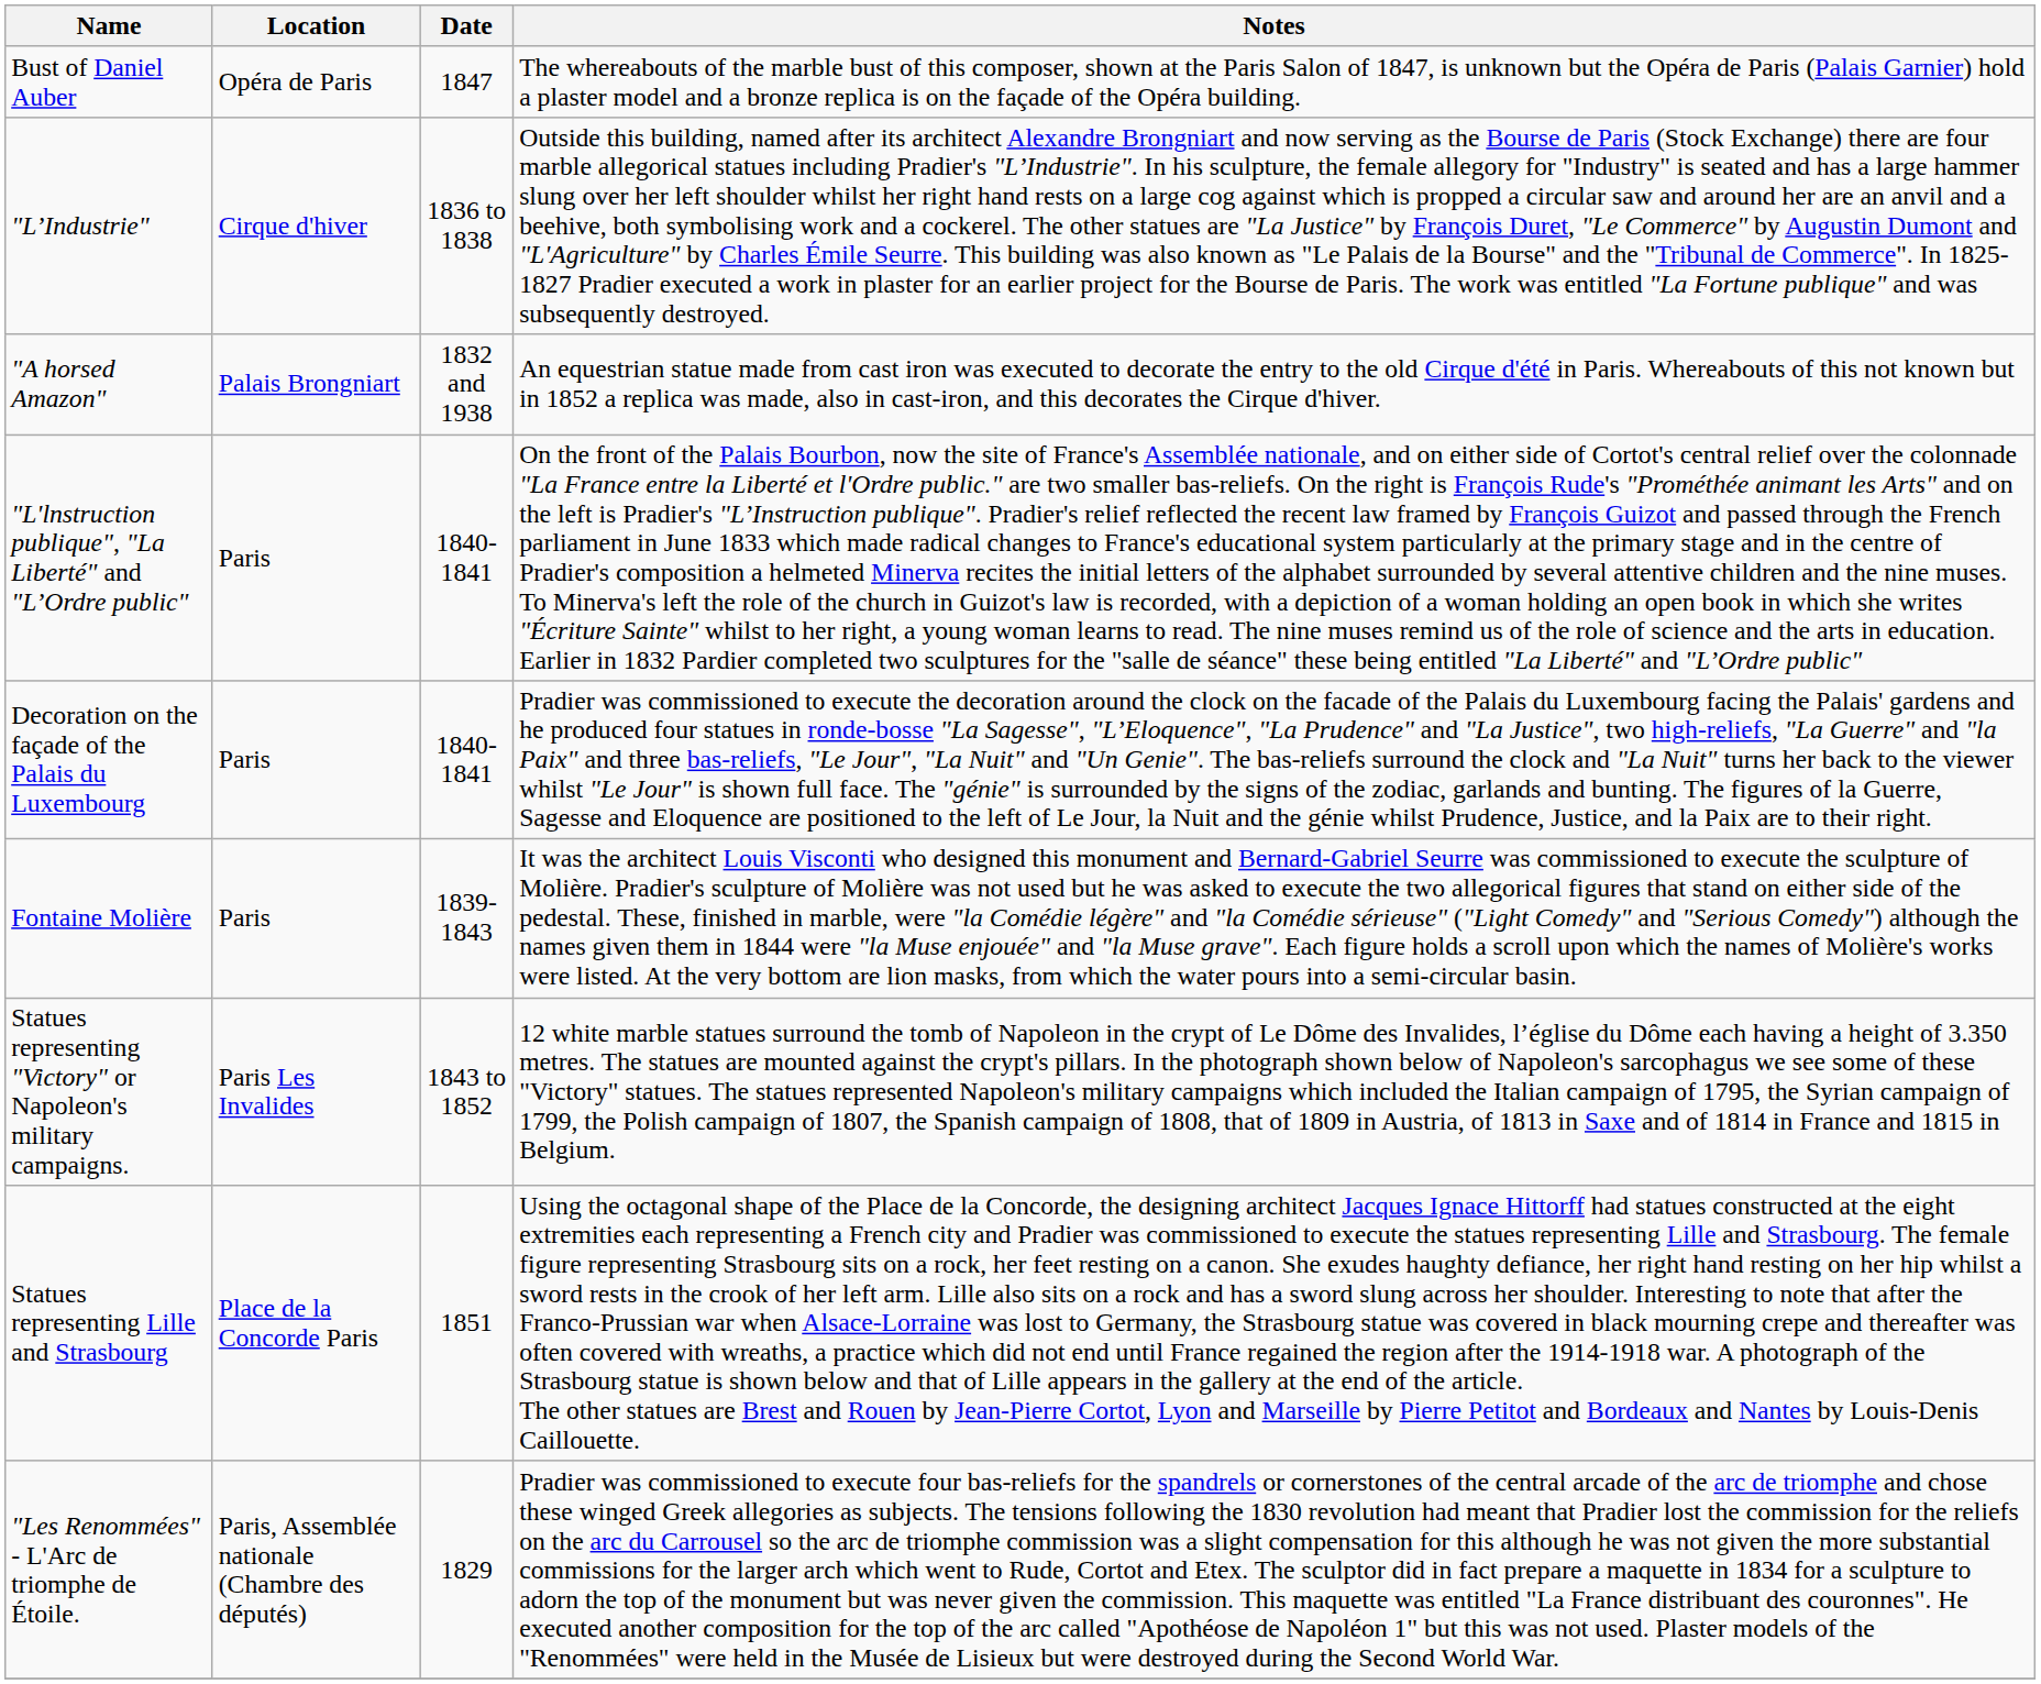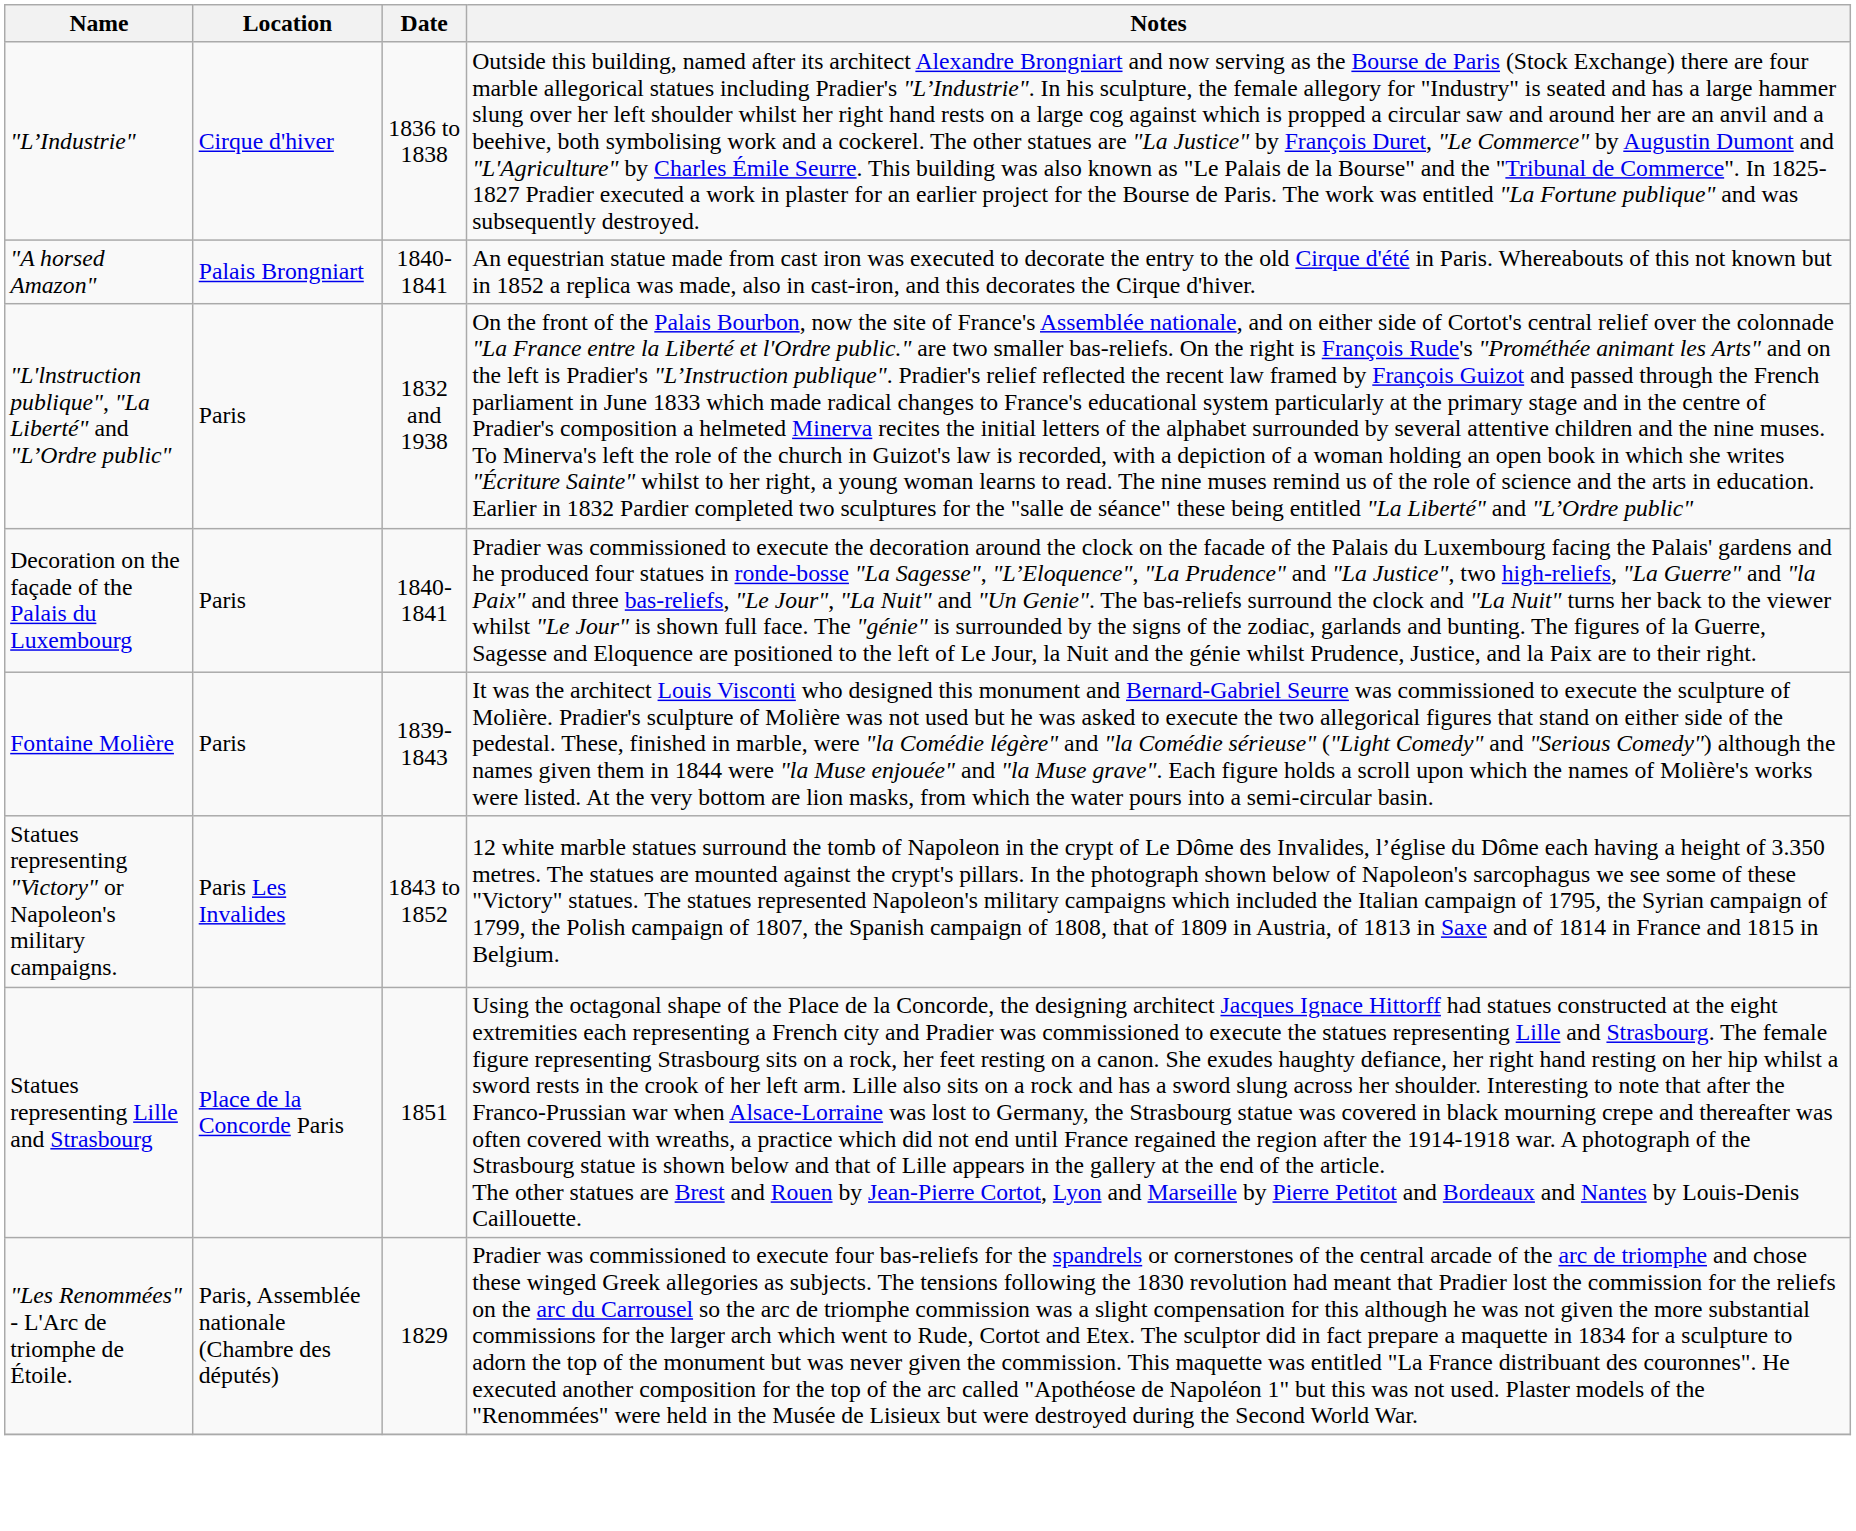 <table class="wikitable sortable plainrowheaders">
 <tr>
 <th style="width:120px">Name</th>
 <th style="width:120px">Location</th>
 <th style="width:50px">Date</th>
 <th class="unsortable">Notes</th>
-</tr>
-<tr>
-<td>Bust of <a href='#'>Daniel Auber</a></td>
-<td>Opéra de Paris</td>
-<td align="center">1847</td>
-<td>The whereabouts of the marble bust of this composer, shown at the Paris Salon of 1847, is unknown but the Opéra de Paris (<a href='#'>Palais Garnier</a>) hold a plaster model and a bronze replica is on the façade of the Opéra building.</td>
 </tr>
 <tr>
 <td><em>"L’Industrie"</em></td>
 <td><a href='#'>Cirque d'hiver</a></td>
 <td align="center">1836 to 1838</td>
 <td>Outside this building, named after its architect <a href='#'>Alexandre Brongniart</a> and now serving as the <a href='#'>Bourse de Paris</a> (Stock Exchange) there are four marble allegorical statues including Pradier's <em>"L’Industrie"</em>. In his sculpture, the female allegory for "Industry" is seated and has a large hammer slung over her left shoulder whilst her right hand rests on a large cog against which is propped a circular saw and around her are an anvil and a beehive, both symbolising work and a cockerel. The other statues are <em>"La Justice"</em> by <a href='#'>François Duret</a>, <em>"Le Commerce"</em> by <a href='#'>Augustin Dumont</a> and <em>"L'Agriculture"</em> by <a href='#'>Charles Émile Seurre</a>. This building was also known as "Le Palais de la Bourse" and the "<a href='#'>Tribunal de Commerce</a>". In 1825-1827 Pradier executed a work in plaster for an earlier project for the Bourse de Paris. The work was entitled <em>"La Fortune publique"</em> and was subsequently destroyed.</td>
 </tr>
 <tr>
 <td><em>"A horsed Amazon"</em></td>
 <td><a href='#'>Palais Brongniart</a></td>
-<td align="center">1832 and 1938</td>
+<td align="center">1840-1841</td>
 <td>An equestrian statue made from cast iron was executed to decorate the entry to the old <a href='#'>Cirque d'été</a> in Paris. Whereabouts of this not known but in 1852 a replica was made, also in cast-iron, and this decorates the Cirque d'hiver.</td>
 </tr>
 <tr>
 <td><em>"L'lnstruction publique"</em>, <em>"La Liberté"</em> and <em>"L’Ordre public"</em></td>
 <td>Paris</td>
-<td align="center">1840-1841</td>
+<td align="center">1832 and 1938</td>
 <td>On the front of the <a href='#'>Palais Bourbon</a>, now the site of France's <a href='#'>Assemblée nationale</a>, and on either side of Cortot's central relief over the colonnade <em>"La France entre la Liberté et l'Ordre public."</em> are two smaller bas-reliefs. On the right is <a href='#'>François Rude</a>'s <em>"Prométhée animant les Arts"</em> and on the left is Pradier's <em>"L’Instruction publique"</em>. Pradier's relief reflected the recent law framed by <a href='#'>François Guizot</a> and passed through the French parliament in June 1833 which made radical changes to France's educational system particularly at the primary stage and in the centre of Pradier's composition a helmeted <a href='#'>Minerva</a> recites the initial letters of the alphabet surrounded by several attentive children and the nine muses.  To Minerva's left the role of the church in Guizot's law is recorded, with a depiction of a woman holding an open book in which she writes <em>"Écriture Sainte"</em> whilst to her right, a young woman learns to read. The nine muses remind us of the role of science and the arts in education. Earlier in 1832 Pardier completed two sculptures for the "salle de séance" these being entitled <em>"La Liberté"</em> and <em>"L’Ordre public"</em><br></td>
 </tr>
 <tr>
 <td>Decoration on the façade of the <a href='#'>Palais du Luxembourg</a></td>
 <td>Paris</td>
 <td align="center">1840-1841</td>
 <td>Pradier was commissioned to execute the decoration around the clock on the facade of the Palais du Luxembourg facing the Palais' gardens and he produced four statues in <a href='#'>ronde-bosse</a> <em>"La Sagesse"</em>, <em>"L’Eloquence"</em>,  <em>"La Prudence"</em> and <em>"La Justice"</em>, two <a href='#'>high-reliefs</a>, <em>"La Guerre"</em> and <em>"la Paix"</em> and three <a href='#'>bas-reliefs</a>, <em>"Le Jour"</em>, <em>"La Nuit"</em> and <em>"Un Genie"</em>.  The bas-reliefs surround the clock and <em>"La Nuit"</em> turns her back to the viewer whilst <em>"Le Jour"</em> is shown full face. The <em>"génie"</em> is surrounded by the signs of the zodiac, garlands and bunting.  The figures of la Guerre, Sagesse and Eloquence are positioned to the left of Le Jour, la Nuit and the génie whilst Prudence, Justice, and la Paix are to their right.<br> </td>
 </tr>
 <tr>
 <td><a href='#'>Fontaine Molière</a></td>
 <td>Paris</td>
 <td align="center">1839-1843</td>
 <td>It was the architect <a href='#'>Louis Visconti</a> who designed this monument and <a href='#'>Bernard-Gabriel Seurre</a> was commissioned to execute the sculpture of Molière. Pradier's sculpture of Molière was not used but he was asked to execute the two allegorical figures that stand on either side of the pedestal.  These, finished in marble, were <em>"la Comédie légère"</em> and <em>"la Comédie sérieuse"</em> (<em>"Light Comedy"</em> and <em>"Serious Comedy"</em>) although the names given them in 1844 were <em>"la Muse enjouée"</em> and <em>"la Muse grave"</em>. Each figure holds a scroll upon which the names of Molière's works were listed. At the very bottom are lion masks, from which the water pours into a semi-circular basin.</td>
 </tr>
 <tr>
 <td>Statues representing <em>"Victory"</em> or Napoleon's military campaigns.</td>
 <td>Paris <a href='#'>Les Invalides</a></td>
 <td align="center">1843 to 1852</td>
 <td>12 white marble statues surround the tomb of Napoleon in the crypt of Le Dôme des Invalides, l’église du Dôme each having a height of 3.350 metres. The statues are mounted against the crypt's pillars. In the photograph shown below of Napoleon's sarcophagus we see some of these "Victory" statues. The statues represented Napoleon's military campaigns which included the Italian campaign of 1795, the Syrian campaign of 1799,  the Polish campaign of 1807, the Spanish campaign of 1808, that of 1809 in Austria, of 1813 in <a href='#'>Saxe</a> and of 1814 in France and 1815 in Belgium.<br> </td>
 </tr>
 <tr>
 <td>Statues representing <a href='#'>Lille</a> and <a href='#'>Strasbourg</a></td>
 <td><a href='#'>Place de la Concorde</a> Paris</td>
 <td align="center">1851</td>
 <td>Using the octagonal shape of the Place de la Concorde, the designing architect <a href='#'>Jacques Ignace Hittorff</a> had statues constructed at the eight extremities each representing a French city and Pradier was commissioned to execute the statues representing <a href='#'>Lille</a> and <a href='#'>Strasbourg</a>. The female figure representing Strasbourg sits on a rock, her feet resting on a canon. She exudes haughty defiance, her right hand resting on her hip whilst a sword rests in the crook of her left arm. Lille also sits on a rock and has a sword slung across her shoulder. Interesting to note that after the Franco-Prussian war when <a href='#'>Alsace-Lorraine</a> was lost to Germany, the Strasbourg statue was covered in black mourning crepe and thereafter was often covered with wreaths, a practice which did not end until France regained the region after the 1914-1918 war. A photograph of the Strasbourg statue is shown below and that of Lille appears in the gallery at the end of the article.<br> The other statues are <a href='#'>Brest</a> and <a href='#'>Rouen</a> by <a href='#'>Jean-Pierre Cortot</a>, <a href='#'>Lyon</a> and <a href='#'>Marseille</a> by <a href='#'>Pierre Petitot</a> and <a href='#'>Bordeaux</a> and <a href='#'>Nantes</a> by Louis-Denis Caillouette.</td>
 </tr>
 <tr>
 <td><em>"Les Renommées"</em> - L'Arc de triomphe de Étoile.</td>
 <td>Paris, Assemblée nationale (Chambre des députés)</td>
 <td align="center">1829</td>
 <td>Pradier was commissioned to execute four bas-reliefs for the <a href='#'>spandrels</a> or cornerstones of the central arcade of the <a href='#'>arc de triomphe</a> and chose these winged Greek allegories as subjects. The tensions following the 1830 revolution had meant that Pradier lost the commission for the reliefs on the <a href='#'>arc du Carrousel</a> so the arc de triomphe commission was a slight compensation for this although he was not given the more substantial commissions for the larger arch which went to Rude, Cortot and Etex. The sculptor did in fact prepare a maquette in 1834 for a sculpture to adorn the top of the monument but was never given the commission. This maquette was entitled "La France distribuant des couronnes". He executed another composition for the top of the arc called "Apothéose de Napoléon 1" but this was not used. Plaster models of the "Renommées" were held in the Musée de Lisieux but were destroyed during the Second World War.<br> </td>
 </tr>
 <tr>
 </tr>
 </table>
